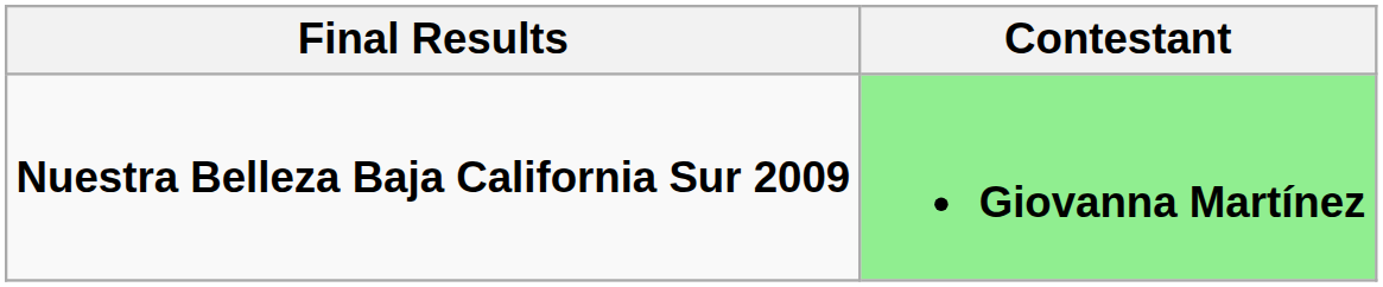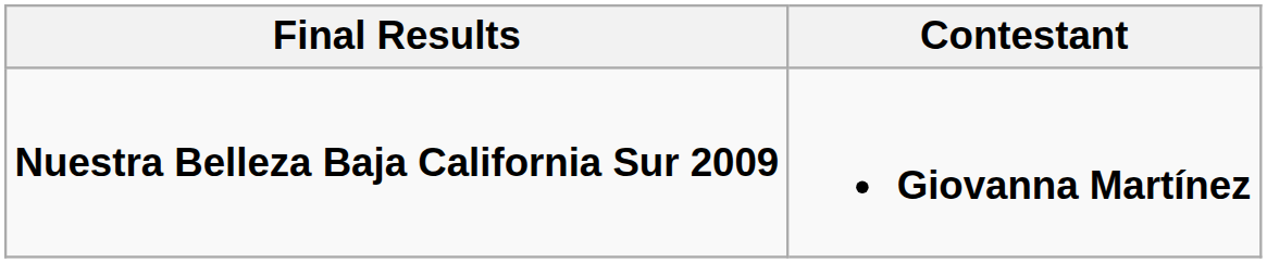 <table class="wikitable">
 <tr>
 <th>Final Results</th>
 <th>Contestant</th>
 </tr>
 <tr>
 <td align="center"><strong>Nuestra Belleza Baja California  Sur 2009</strong></td>
-<td style="background: lightgreen;"><br><ul><li><strong>Giovanna Martínez</strong></li></ul></td>
+<td><br><ul><li><strong>Giovanna Martínez</strong></li></ul></td>
 </tr>
 </table>
